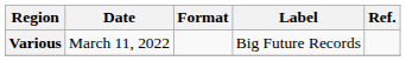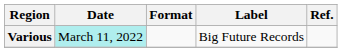 <table class="wikitable plainrowheaders">
 <tr>
 <th scope="col">Region</th>
 <th scope="col">Date</th>
 <th scope="col">Format</th>
 <th scope="col">Label</th>
 <th scope="col">Ref.</th>
 </tr>
 <tr>
 <th scope="row">Various</th>
-<td>March 11, 2022</td>
+<td style="background: paleturquoise;">March 11, 2022</td>
 <td></td>
 <td>Big Future Records</td>
 <td></td>
 </tr>
 <tr>
 </tr>
 </table>
